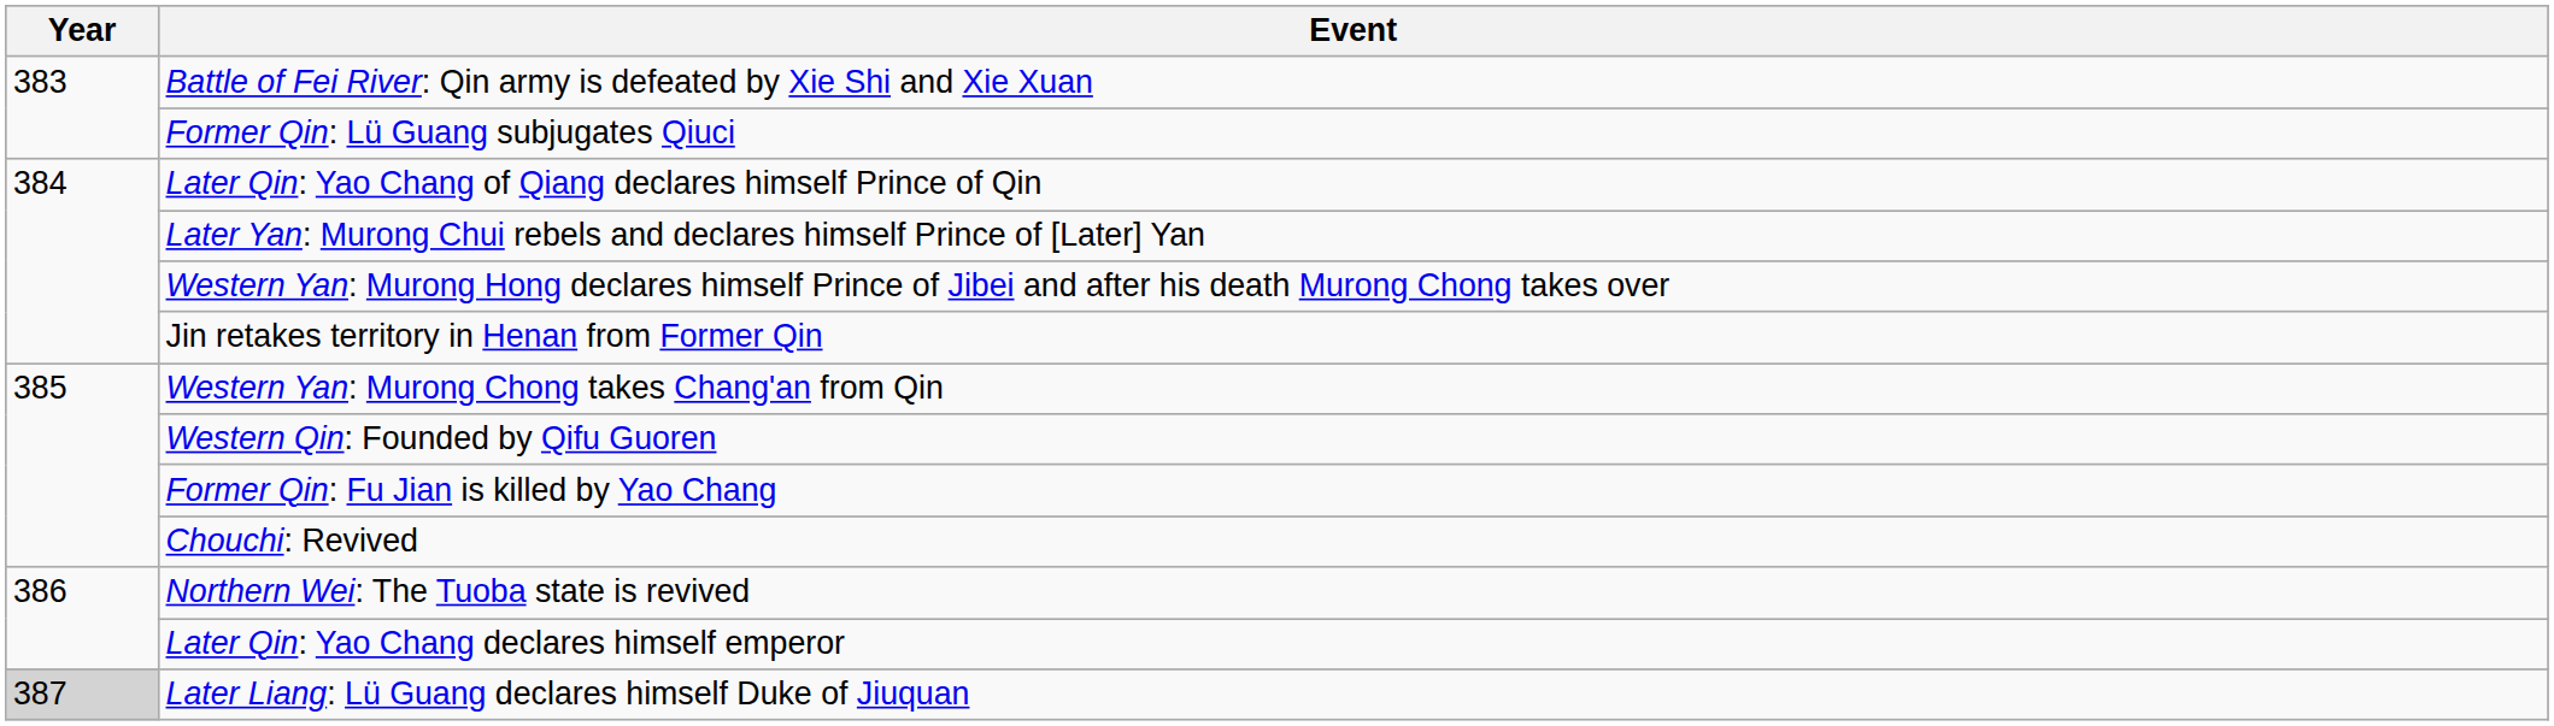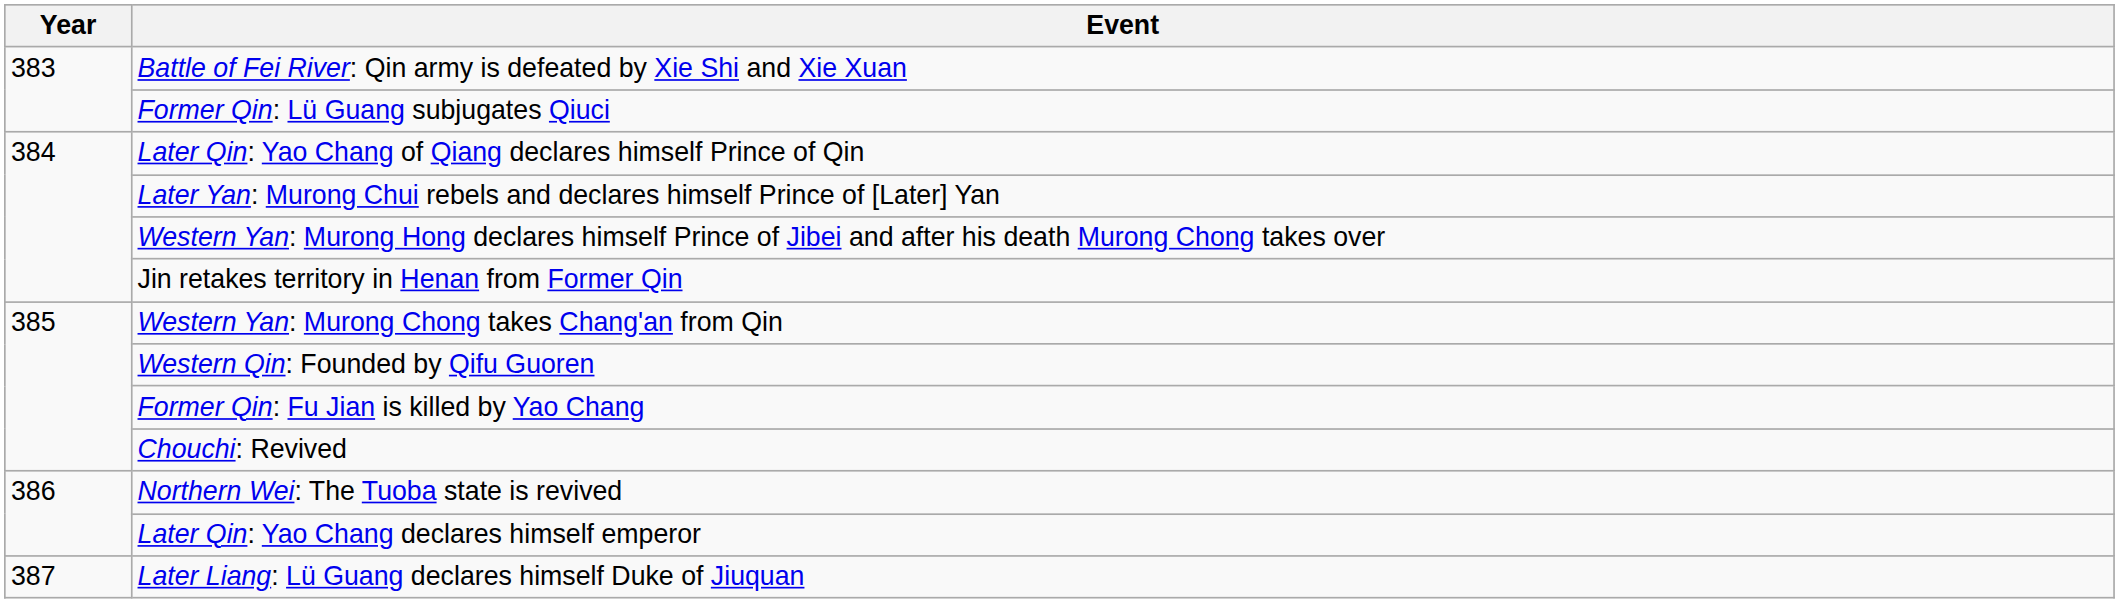 <table class="wikitable" style="width:100%;">
 <tr>
 <th style="width:6%">Year</th>
 <th>Event</th>
 </tr>
 <tr>
 <td rowspan="2" valign="top">383</td>
 <td><em><a href='#'>Battle of Fei River</a></em>: Qin army is defeated by <a href='#'>Xie Shi</a> and <a href='#'>Xie Xuan</a></td>
 </tr>
 <tr>
 <td><em><a href='#'>Former Qin</a></em>: <a href='#'>Lü Guang</a> subjugates <a href='#'>Qiuci</a></td>
 </tr>
 <tr>
 <td rowspan="4" style="vertical-align:top;">384</td>
 <td><em><a href='#'>Later Qin</a></em>: <a href='#'>Yao Chang</a> of <a href='#'>Qiang</a> declares himself Prince of Qin</td>
 </tr>
 <tr>
 <td><em><a href='#'>Later Yan</a></em>: <a href='#'>Murong Chui</a> rebels and declares himself Prince of [Later] Yan</td>
 </tr>
 <tr>
 <td><em><a href='#'>Western Yan</a></em>: <a href='#'>Murong Hong</a> declares himself Prince of <a href='#'>Jibei</a> and after his death <a href='#'>Murong Chong</a> takes over</td>
 </tr>
 <tr>
 <td>Jin retakes territory in <a href='#'>Henan</a> from <a href='#'>Former Qin</a></td>
 </tr>
 <tr>
 <td rowspan="4" style="vertical-align:top;">385</td>
 <td><em><a href='#'>Western Yan</a></em>: <a href='#'>Murong Chong</a> takes <a href='#'>Chang'an</a> from Qin</td>
 </tr>
 <tr>
 <td><em><a href='#'>Western Qin</a></em>: Founded by <a href='#'>Qifu Guoren</a></td>
 </tr>
 <tr>
 <td><em><a href='#'>Former Qin</a></em>: <a href='#'>Fu Jian</a> is killed by <a href='#'>Yao Chang</a></td>
 </tr>
 <tr>
 <td><em><a href='#'>Chouchi</a></em>: Revived</td>
 </tr>
 <tr>
 <td rowspan="2" style="vertical-align:top;">386</td>
 <td><em><a href='#'>Northern Wei</a></em>: The <a href='#'>Tuoba</a> state is revived</td>
 </tr>
 <tr>
 <td><em><a href='#'>Later Qin</a></em>: <a href='#'>Yao Chang</a> declares himself emperor</td>
 </tr>
 <tr>
-<td style="background: lightgrey;">387</td>
+<td>387</td>
 <td><em><a href='#'>Later Liang</a></em>: <a href='#'>Lü Guang</a> declares himself Duke of <a href='#'>Jiuquan</a></td>
 </tr>
 </table>
